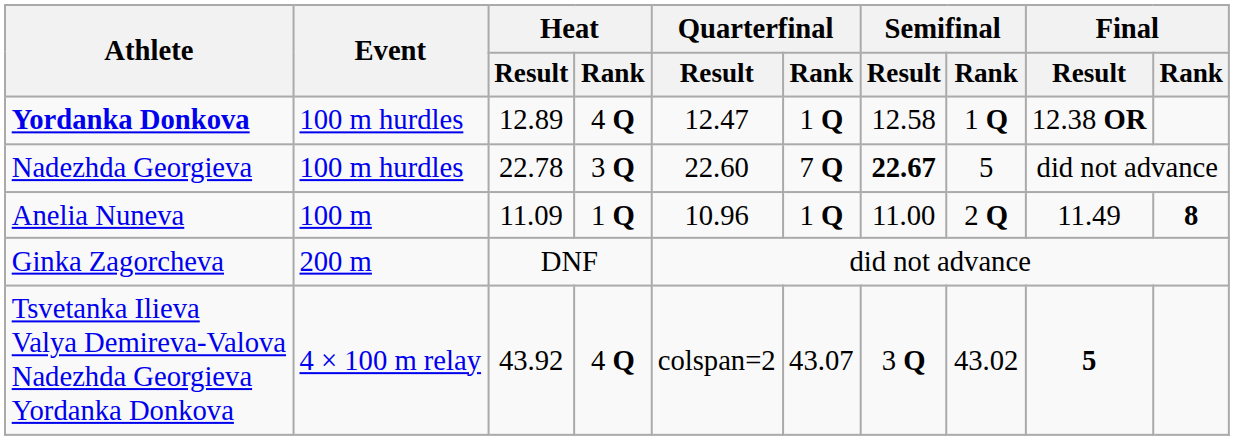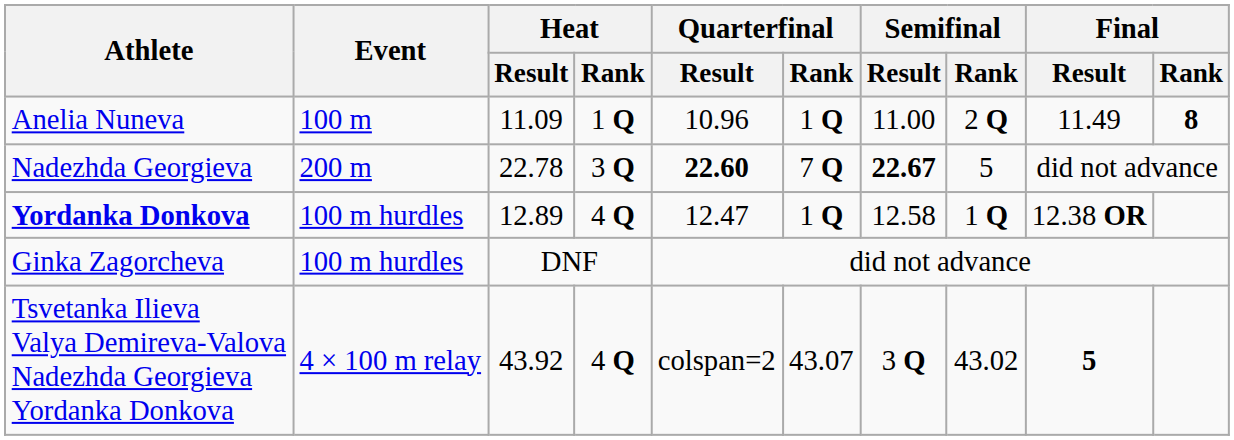 <table class="wikitable" style="font-size:90%">
 <tr>
 <th rowspan="2">Athlete</th>
 <th rowspan="2">Event</th>
 <th colspan="2">Heat</th>
 <th colspan="2">Quarterfinal</th>
 <th colspan="2">Semifinal</th>
 <th colspan="2">Final</th>
 </tr>
 <tr style="font-size:95%">
 <th>Result</th>
 <th>Rank</th>
 <th>Result</th>
 <th>Rank</th>
 <th>Result</th>
 <th>Rank</th>
 <th>Result</th>
 <th>Rank</th>
 </tr>
 <tr align=center>
+<td align=left><a href='#'>Anelia Nuneva</a></td>
+<td align=left><a href='#'>100 m</a></td>
+<td>11.09</td>
+<td>1 <strong>Q</strong></td>
+<td>10.96</td>
+<td>1 <strong>Q</strong></td>
+<td>11.00</td>
+<td>2 <strong>Q</strong></td>
+<td>11.49</td>
+<td><strong>8</strong></td>
+</tr>
+<tr align=center>
+<td align=left><a href='#'>Nadezhda Georgieva</a></td>
+<td align=left><a href='#'>200 m</a></td>
+<td>22.78</td>
+<td>3 <strong>Q</strong></td>
+<td><strong>22.60</strong></td>
+<td>7 <strong>Q</strong></td>
+<td><strong>22.67</strong></td>
+<td>5</td>
+<td colspan=2>did not advance</td>
+</tr>
+<tr align=center>
 <td align=left><strong><a href='#'>Yordanka Donkova</a></strong></td>
 <td align=left><a href='#'>100 m hurdles</a></td>
 <td>12.89</td>
 <td>4 <strong>Q</strong></td>
 <td>12.47</td>
 <td>1 <strong>Q</strong></td>
 <td>12.58</td>
 <td>1 <strong>Q</strong></td>
 <td>12.38 <strong>OR</strong></td>
 <td></td>
 </tr>
 <tr align=center>
-<td align=left><a href='#'>Nadezhda Georgieva</a></td>
+<td align=left><a href='#'>Ginka Zagorcheva</a></td>
 <td align=left><a href='#'>100 m hurdles</a></td>
-<td>22.78</td>
-<td>3 <strong>Q</strong></td>
-<td>22.60</td>
-<td>7 <strong>Q</strong></td>
-<td><strong>22.67</strong></td>
-<td>5</td>
-<td colspan=2>did not advance</td>
-</tr>
-<tr align=center>
-<td align=left><a href='#'>Anelia Nuneva</a></td>
-<td align=left><a href='#'>100 m</a></td>
-<td>11.09</td>
-<td>1 <strong>Q</strong></td>
-<td>10.96</td>
-<td>1 <strong>Q</strong></td>
-<td>11.00</td>
-<td>2 <strong>Q</strong></td>
-<td>11.49</td>
-<td><strong>8</strong></td>
-</tr>
-<tr align=center>
-<td align=left><a href='#'>Ginka Zagorcheva</a></td>
-<td align=left><a href='#'>200 m</a></td>
 <td colspan=2>DNF</td>
 <td colspan=6>did not advance</td>
 </tr>
 <tr align=center>
 <td align=left><a href='#'>Tsvetanka Ilieva</a><br><a href='#'>Valya Demireva-Valova</a><br><a href='#'>Nadezhda Georgieva</a><br><a href='#'>Yordanka Donkova</a></td>
 <td align=left><a href='#'>4 × 100 m relay</a></td>
 <td>43.92</td>
 <td>4 <strong>Q</strong></td>
 <td>colspan=2 </td>
 <td>43.07</td>
 <td>3 <strong>Q</strong></td>
 <td>43.02</td>
 <td><strong>5</strong></td>
 </tr>
 </table>
